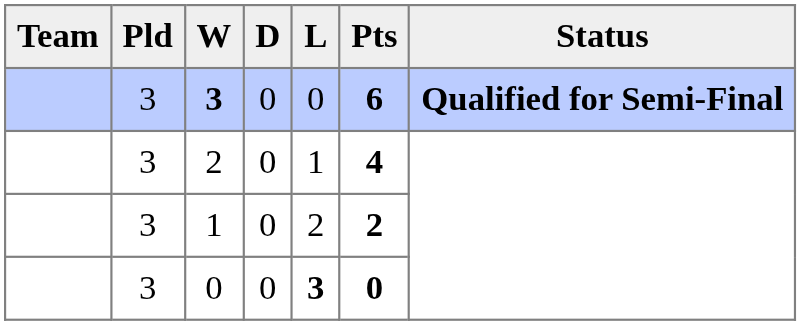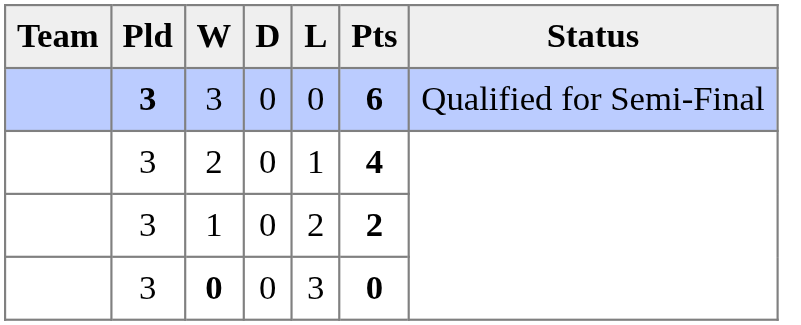 <table style=border-collapse:collapse border=1 cellspacing=0 cellpadding=5>
 <tr align=center bgcolor=#efefef>
 <th>Team</th>
 <th>Pld</th>
 <th>W</th>
 <th>D</th>
 <th>L</th>
 <th>Pts</th>
 <th>Status</th>
 </tr>
 <tr align=center style="background:#bbccff;">
 <td style="text-align:left;"> </td>
+<td><strong>3</strong></td>
 <td>3</td>
-<td><strong>3</strong></td>
 <td>0</td>
 <td>0</td>
 <td><strong>6</strong></td>
-<td rowspan=1><strong>Qualified for Semi-Final</strong></td>
+<td rowspan=1>Qualified for Semi-Final</td>
 </tr>
 <tr align=center style="background:#FFFFFF;">
 <td style="text-align:left;"> </td>
 <td>3</td>
 <td>2</td>
 <td>0</td>
 <td>1</td>
 <td><strong>4</strong></td>
 <td rowspan=3></td>
 </tr>
 <tr align=center style="background:#FFFFFF;">
 <td style="text-align:left;"> </td>
 <td>3</td>
 <td>1</td>
 <td>0</td>
 <td>2</td>
 <td><strong>2</strong></td>
 </tr>
 <tr align=center style="background:#FFFFFF;">
 <td style="text-align:left;"> </td>
 <td>3</td>
+<td><strong>0</strong></td>
 <td>0</td>
-<td>0</td>
-<td><strong>3</strong></td>
+<td>3</td>
 <td><strong>0</strong></td>
 </tr>
 </table>
